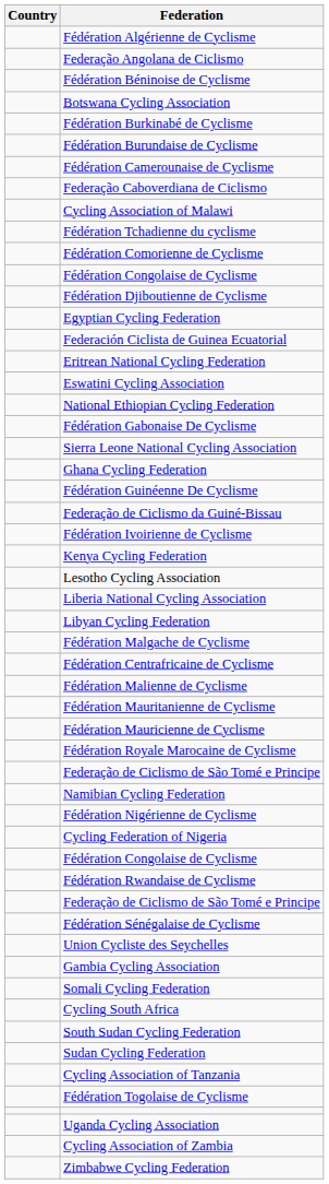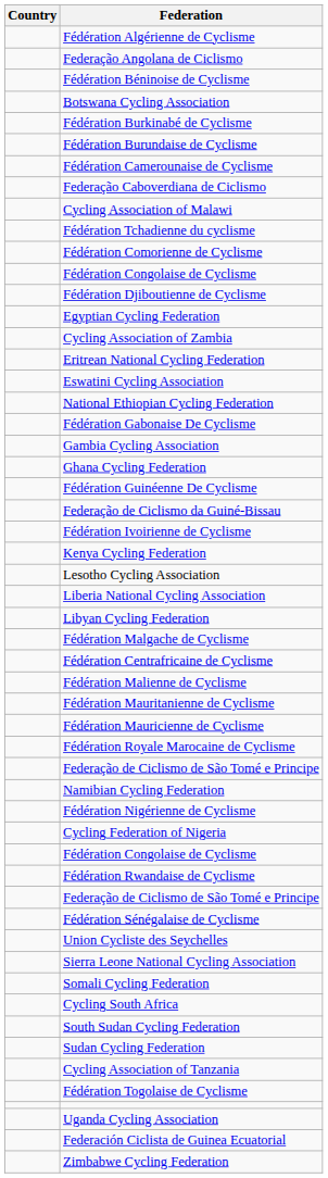 <table class="wikitable">
 <tr>
 <th>Country</th>
 <th>Federation</th>
 </tr>
 <tr>
 <td></td>
 <td><a href='#'>Fédération Algérienne de Cyclisme</a></td>
 </tr>
 <tr>
 <td></td>
 <td><a href='#'>Federação Angolana de Ciclismo</a></td>
 </tr>
 <tr>
 <td></td>
 <td><a href='#'>Fédération Béninoise de Cyclisme</a></td>
 </tr>
 <tr>
 <td></td>
 <td><a href='#'>Botswana Cycling Association</a></td>
 </tr>
 <tr>
 <td></td>
 <td><a href='#'>Fédération Burkinabé de Cyclisme</a></td>
 </tr>
 <tr>
 <td></td>
 <td><a href='#'>Fédération Burundaise de Cyclisme</a></td>
 </tr>
 <tr>
 <td></td>
 <td><a href='#'>Fédération Camerounaise de Cyclisme</a></td>
 </tr>
 <tr>
 <td></td>
 <td><a href='#'>Federação Caboverdiana de Ciclismo</a></td>
 </tr>
 <tr>
 <td></td>
 <td><a href='#'>Cycling Association of Malawi</a></td>
 </tr>
 <tr>
 <td></td>
 <td><a href='#'>Fédération Tchadienne du cyclisme</a></td>
 </tr>
 <tr>
 <td></td>
 <td><a href='#'>Fédération Comorienne de Cyclisme</a></td>
 </tr>
 <tr>
 <td></td>
 <td><a href='#'>Fédération Congolaise de Cyclisme</a></td>
 </tr>
 <tr>
 <td></td>
 <td><a href='#'>Fédération Djiboutienne de Cyclisme</a></td>
 </tr>
 <tr>
 <td></td>
 <td><a href='#'>Egyptian Cycling Federation</a></td>
 </tr>
 <tr>
 <td></td>
-<td><a href='#'>Federación Ciclista de Guinea Ecuatorial</a></td>
+<td><a href='#'>Cycling Association of Zambia</a></td>
 </tr>
 <tr>
 <td></td>
 <td><a href='#'>Eritrean National Cycling Federation</a></td>
 </tr>
 <tr>
 <td></td>
 <td><a href='#'>Eswatini Cycling Association</a></td>
 </tr>
 <tr>
 <td></td>
 <td><a href='#'>National Ethiopian Cycling Federation</a></td>
 </tr>
 <tr>
 <td></td>
 <td><a href='#'>Fédération Gabonaise De Cyclisme</a></td>
 </tr>
 <tr>
 <td></td>
-<td><a href='#'>Sierra Leone National Cycling Association</a></td>
+<td><a href='#'>Gambia Cycling Association</a></td>
 </tr>
 <tr>
 <td></td>
 <td><a href='#'>Ghana Cycling Federation</a></td>
 </tr>
 <tr>
 <td></td>
 <td><a href='#'>Fédération Guinéenne De Cyclisme</a></td>
 </tr>
 <tr>
 <td></td>
 <td><a href='#'>Federação de Ciclismo da Guiné-Bissau</a></td>
 </tr>
 <tr>
 <td></td>
 <td><a href='#'>Fédération Ivoirienne de Cyclisme</a></td>
 </tr>
 <tr>
 <td></td>
 <td><a href='#'>Kenya Cycling Federation</a></td>
 </tr>
 <tr>
 <td></td>
 <td>Lesotho Cycling Association</td>
 </tr>
 <tr>
 <td></td>
 <td><a href='#'>Liberia National Cycling Association</a></td>
 </tr>
 <tr>
 <td></td>
 <td><a href='#'>Libyan Cycling Federation</a></td>
 </tr>
 <tr>
 <td></td>
 <td><a href='#'>Fédération Malgache de Cyclisme</a></td>
 </tr>
 <tr>
 <td></td>
 <td><a href='#'>Fédération Centrafricaine de Cyclisme</a></td>
 </tr>
 <tr>
 <td></td>
 <td><a href='#'>Fédération Malienne de Cyclisme</a></td>
 </tr>
 <tr>
 <td></td>
 <td><a href='#'>Fédération Mauritanienne de Cyclisme</a></td>
 </tr>
 <tr>
 <td></td>
 <td><a href='#'>Fédération Mauricienne de Cyclisme</a></td>
 </tr>
 <tr>
 <td></td>
 <td><a href='#'>Fédération Royale Marocaine de Cyclisme</a></td>
 </tr>
 <tr>
 <td></td>
 <td><a href='#'>Federação de Ciclismo de São Tomé e Principe</a></td>
 </tr>
 <tr>
 <td></td>
 <td><a href='#'>Namibian Cycling Federation</a></td>
 </tr>
 <tr>
 <td></td>
 <td><a href='#'>Fédération Nigérienne de Cyclisme</a></td>
 </tr>
 <tr>
 <td></td>
 <td><a href='#'>Cycling Federation of Nigeria</a></td>
 </tr>
 <tr>
 <td></td>
 <td><a href='#'>Fédération Congolaise de Cyclisme</a></td>
 </tr>
 <tr>
 <td></td>
 <td><a href='#'>Fédération Rwandaise de Cyclisme</a></td>
 </tr>
 <tr>
 <td></td>
 <td><a href='#'>Federação de Ciclismo de São Tomé e Principe</a></td>
 </tr>
 <tr>
 <td></td>
 <td><a href='#'>Fédération Sénégalaise de Cyclisme</a></td>
 </tr>
 <tr>
 <td></td>
 <td><a href='#'>Union Cycliste des Seychelles</a></td>
 </tr>
 <tr>
 <td></td>
-<td><a href='#'>Gambia Cycling Association</a></td>
+<td><a href='#'>Sierra Leone National Cycling Association</a></td>
 </tr>
 <tr>
 <td></td>
 <td><a href='#'>Somali Cycling Federation</a></td>
 </tr>
 <tr>
 <td></td>
 <td><a href='#'>Cycling South Africa</a></td>
 </tr>
 <tr>
 <td></td>
 <td><a href='#'>South Sudan Cycling Federation</a></td>
 </tr>
 <tr>
 <td></td>
 <td><a href='#'>Sudan Cycling Federation</a></td>
 </tr>
 <tr>
 <td></td>
 <td><a href='#'>Cycling Association of Tanzania</a></td>
 </tr>
 <tr>
 <td></td>
 <td><a href='#'>Fédération Togolaise de Cyclisme</a></td>
 </tr>
 <tr>
 <td></td>
 <td></td>
 </tr>
 <tr>
 <td></td>
 <td><a href='#'>Uganda Cycling Association</a></td>
 </tr>
 <tr>
 <td></td>
-<td><a href='#'>Cycling Association of Zambia</a></td>
+<td><a href='#'>Federación Ciclista de Guinea Ecuatorial</a></td>
 </tr>
 <tr>
 <td></td>
 <td><a href='#'>Zimbabwe Cycling Federation</a></td>
 </tr>
 </table>
